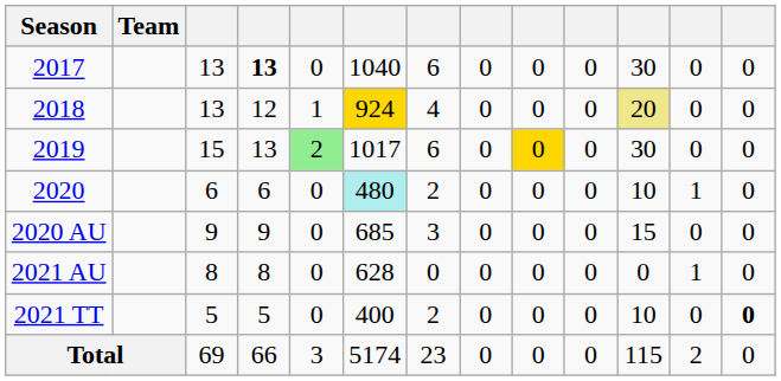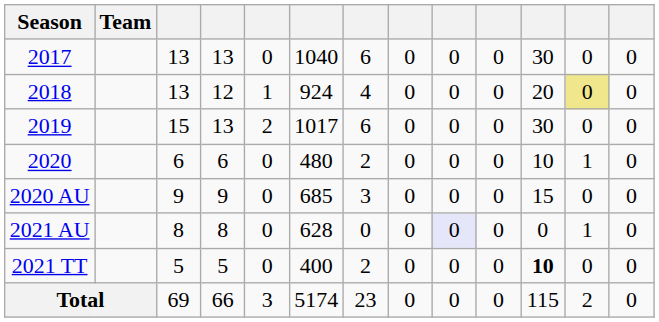 <table class="wikitable" style="text-align:center;">
 <tr>
 <th>Season</th>
 <th>Team</th>
 <th style="width:25px;"></th>
 <th style="width:25px;"></th>
 <th style="width:25px;"></th>
 <th style="width:25px;"></th>
 <th style="width:25px;"></th>
 <th style="width:25px;"></th>
 <th style="width:25px;"></th>
 <th style="width:25px;"></th>
 <th style="width:25px;"></th>
 <th style="width:25px;"></th>
 <th style="width:25px;"></th>
 </tr>
 <tr>
 <td><a href='#'>2017</a></td>
 <td></td>
 <td>13</td>
-<td><strong>13</strong></td>
+<td>13</td>
 <td>0</td>
 <td>1040</td>
 <td>6</td>
 <td>0</td>
 <td>0</td>
 <td>0</td>
 <td>30</td>
 <td>0</td>
 <td>0</td>
 </tr>
 <tr>
 <td><a href='#'>2018</a></td>
 <td></td>
 <td>13</td>
 <td>12</td>
 <td>1</td>
-<td style="background: gold;">924</td>
+<td>924</td>
 <td>4</td>
 <td>0</td>
 <td>0</td>
 <td>0</td>
-<td style="background: khaki;">20</td>
-<td>0</td>
+<td>20</td>
+<td style="background: khaki;">0</td>
 <td>0</td>
 </tr>
 <tr>
 <td><a href='#'>2019</a></td>
 <td></td>
 <td>15</td>
 <td>13</td>
-<td style="background: lightgreen;">2</td>
+<td>2</td>
 <td>1017</td>
 <td>6</td>
 <td>0</td>
-<td style="background: gold;">0</td>
+<td>0</td>
 <td>0</td>
 <td>30</td>
 <td>0</td>
 <td>0</td>
 </tr>
 <tr>
 <td><a href='#'>2020</a></td>
 <td></td>
 <td>6</td>
 <td>6</td>
 <td>0</td>
-<td style="background: paleturquoise;">480</td>
+<td>480</td>
 <td>2</td>
 <td>0</td>
 <td>0</td>
 <td>0</td>
 <td>10</td>
 <td>1</td>
 <td>0</td>
 </tr>
 <tr>
 <td><a href='#'>2020 AU</a></td>
 <td></td>
 <td>9</td>
 <td>9</td>
 <td>0</td>
 <td>685</td>
 <td>3</td>
 <td>0</td>
 <td>0</td>
 <td>0</td>
 <td>15</td>
 <td>0</td>
 <td>0</td>
 </tr>
 <tr>
 <td><a href='#'>2021 AU</a></td>
 <td></td>
 <td>8</td>
 <td>8</td>
 <td>0</td>
 <td>628</td>
 <td>0</td>
 <td>0</td>
-<td>0</td>
+<td style="background: lavender;">0</td>
 <td>0</td>
 <td>0</td>
 <td>1</td>
 <td>0</td>
 </tr>
 <tr>
 <td><a href='#'>2021 TT</a></td>
 <td></td>
 <td>5</td>
 <td>5</td>
 <td>0</td>
 <td>400</td>
 <td>2</td>
 <td>0</td>
 <td>0</td>
 <td>0</td>
-<td>10</td>
+<td><strong>10</strong></td>
 <td>0</td>
-<td><strong>0</strong></td>
+<td>0</td>
 </tr>
 <tr>
 <th colspan="2">Total</th>
 <td>69</td>
 <td>66</td>
 <td>3</td>
 <td>5174</td>
 <td>23</td>
 <td>0</td>
 <td>0</td>
 <td>0</td>
 <td>115</td>
 <td>2</td>
 <td>0</td>
 </tr>
 </table>
